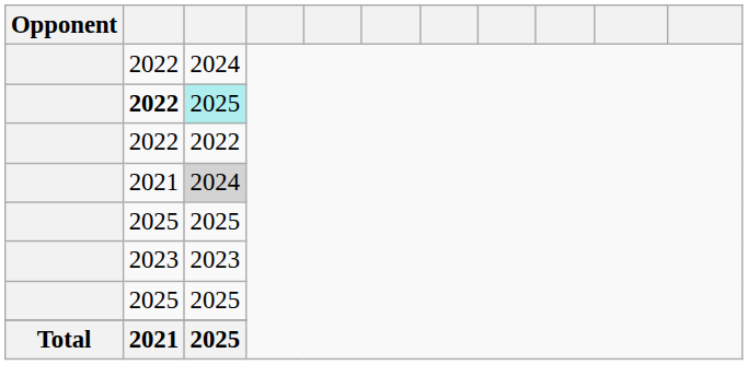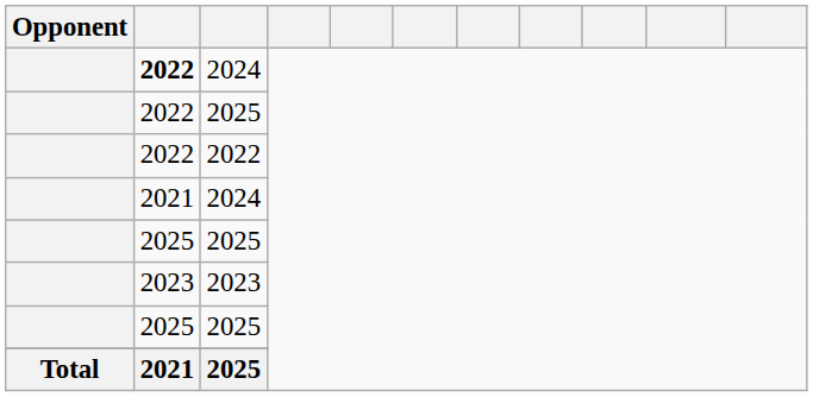 <table class="wikitable sortable plainrowheaders" style="text-align: center; font-size: 100%;">
 <tr>
 <th scope="col">Opponent</th>
 <th scope="col" width="30"></th>
 <th scope="col" width="30"></th>
 <th scope="col" width="30"></th>
 <th scope="col" width="30"></th>
 <th scope="col" width="30"></th>
 <th scope="col" width="30"></th>
 <th scope="col" width="30"></th>
 <th scope="col" width="30"></th>
 <th scope=col width="40"></th>
 <th scope=col width="40"></th>
 </tr>
 <tr>
 <th scope="row"><br></th>
-<td>2022</td>
+<td><strong>2022</strong></td>
 <td>2024</td>
 </tr>
 <tr>
 <th scope="row"><br></th>
-<td><strong>2022</strong></td>
-<td style="background: paleturquoise;">2025</td>
+<td>2022</td>
+<td>2025</td>
 </tr>
 <tr>
 <th scope="row"><br></th>
 <td>2022</td>
 <td>2022</td>
 </tr>
 <tr>
 <th scope="row"><br></th>
 <td>2021</td>
-<td style="background: lightgrey;">2024</td>
+<td>2024</td>
 </tr>
 <tr>
 <th scope="row"><br></th>
 <td>2025</td>
 <td>2025</td>
 </tr>
 <tr>
 <th scope="row"><br></th>
 <td>2023</td>
 <td>2023</td>
 </tr>
 <tr>
 <th scope="row"><br></th>
 <td>2025</td>
 <td>2025</td>
 </tr>
 <tr>
 </tr>
 <tr class="sortbottom">
 <th scope="row"><strong>Total</strong><br></th>
 <th>2021</th>
 <th>2025</th>
 </tr>
 </table>
